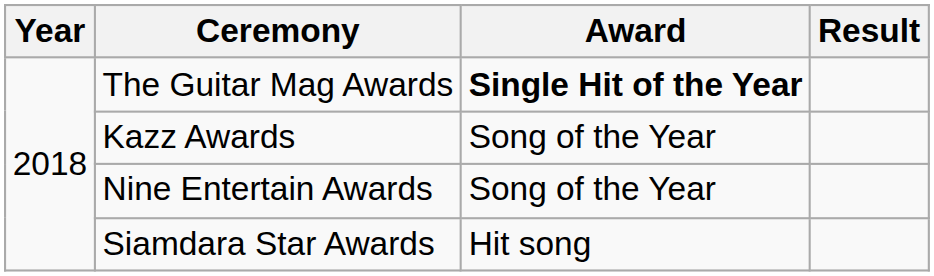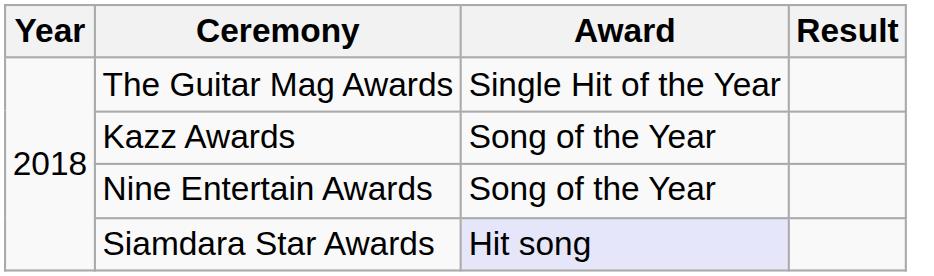 <table class="wikitable">
 <tr>
 <th>Year</th>
 <th>Ceremony</th>
 <th>Award</th>
 <th>Result</th>
 </tr>
 <tr>
 <td rowspan="4">2018</td>
 <td>The Guitar Mag Awards</td>
-<td><strong>Single Hit of the Year</strong></td>
+<td>Single Hit of the Year</td>
 <td></td>
 </tr>
 <tr>
 <td>Kazz Awards</td>
 <td>Song of the Year</td>
 <td></td>
 </tr>
 <tr>
 <td>Nine Entertain Awards</td>
 <td>Song of the Year</td>
 <td></td>
 </tr>
 <tr>
 <td>Siamdara Star Awards</td>
-<td>Hit song</td>
+<td style="background: lavender;">Hit song</td>
 <td></td>
 </tr>
 </table>
